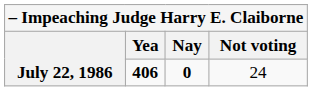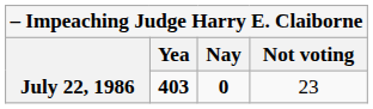 <table class="wikitable">
 <tr>
 <th colspan=5 style="background:#f5f5f5"> – Impeaching Judge Harry E. Claiborne</th>
 </tr>
 <tr style="vertical-align:bottom;">
 <th rowspan=2>July 22, 1986</th>
 <th>Yea</th>
 <th>Nay</th>
 <th>Not voting</th>
 </tr>
 <tr>
-<td align="center"><strong>406</strong></td>
+<td align="center"><strong>403</strong></td>
 <td align="center"><strong>0</strong></td>
-<td align="center">24</td>
+<td align="center">23</td>
 </tr>
 </table>
